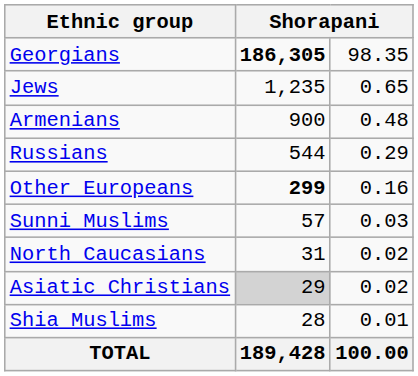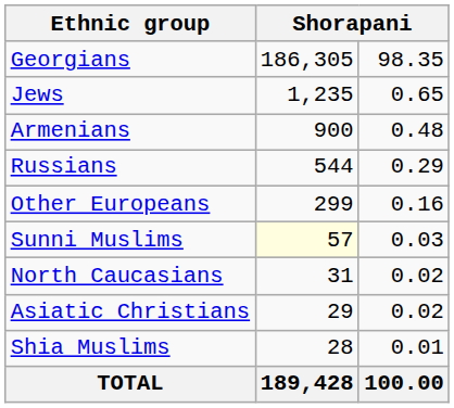 <table class="wikitable sortable">
 <tr>
 <th>Ethnic group</th>
 <th colspan="2">Shorapani</th>
 </tr>
 <tr>
 <td><a href='#'>Georgians</a></td>
-<td align="right"><strong>186,305</strong></td>
+<td align="right">186,305</td>
 <td align="right">98.35</td>
 </tr>
 <tr>
 <td><a href='#'>Jews</a></td>
 <td align="right">1,235</td>
 <td align="right">0.65</td>
 </tr>
 <tr>
 <td><a href='#'>Armenians</a></td>
 <td align="right">900</td>
 <td align="right">0.48</td>
 </tr>
 <tr>
 <td><a href='#'>Russians</a></td>
 <td align="right">544</td>
 <td align="right">0.29</td>
 </tr>
 <tr>
 <td><a href='#'>Other Europeans</a></td>
-<td align="right"><strong>299</strong></td>
+<td align="right">299</td>
 <td align="right">0.16</td>
 </tr>
 <tr>
 <td><a href='#'>Sunni Muslims</a></td>
-<td align="right">57</td>
+<td align="right" style="background: lightyellow;">57</td>
 <td align="right">0.03</td>
 </tr>
 <tr>
 <td><a href='#'>North Caucasians</a></td>
 <td align="right">31</td>
 <td align="right">0.02</td>
 </tr>
 <tr>
 <td><a href='#'>Asiatic Christians</a></td>
-<td align="right" style="background: lightgrey;">29</td>
+<td align="right">29</td>
 <td align="right">0.02</td>
 </tr>
 <tr>
 <td><a href='#'>Shia Muslims</a></td>
 <td align="right">28</td>
 <td align="right">0.01</td>
 </tr>
 <tr>
 <th>TOTAL</th>
 <th>189,428</th>
 <th>100.00</th>
 </tr>
 </table>
